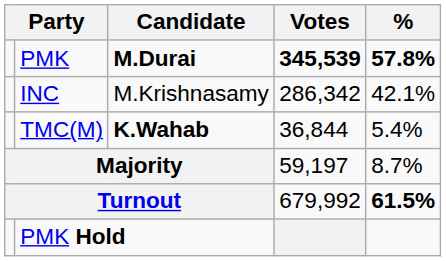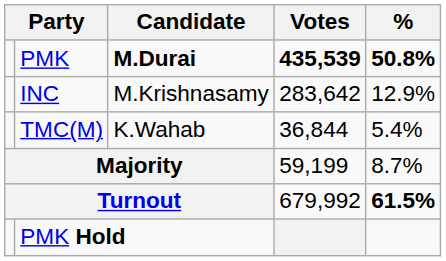 <table class="wikitable sortable">
 <tr>
 <th colspan="2">Party</th>
 <th>Candidate</th>
 <th>Votes</th>
 <th>%</th>
 </tr>
 <tr>
 <td></td>
 <td><a href='#'>PMK</a></td>
 <td><strong>M.Durai</strong></td>
-<td><strong>345,539</strong></td>
-<td><strong>57.8%</strong></td>
+<td><strong>435,539</strong></td>
+<td><strong>50.8%</strong></td>
 </tr>
 <tr>
 <td></td>
 <td><a href='#'>INC</a></td>
 <td>M.Krishnasamy</td>
-<td>286,342</td>
-<td>42.1%</td>
+<td>283,642</td>
+<td>12.9%</td>
 </tr>
 <tr>
 <td></td>
 <td><a href='#'>TMC(M)</a></td>
-<td><strong>K.Wahab</strong></td>
+<td>K.Wahab</td>
 <td>36,844</td>
 <td>5.4%</td>
 </tr>
 <tr>
 <th colspan="3">Majority</th>
-<td>59,197</td>
+<td>59,199</td>
 <td>8.7%</td>
 </tr>
 <tr>
 <th colspan="3"><a href='#'>Turnout</a></th>
 <td>679,992</td>
 <td><strong>61.5%</strong></td>
 </tr>
 <tr>
 <td></td>
 <td colspan="2"><a href='#'>PMK</a> <strong>Hold</strong></td>
 <th></th>
 <td></td>
 </tr>
 </table>
